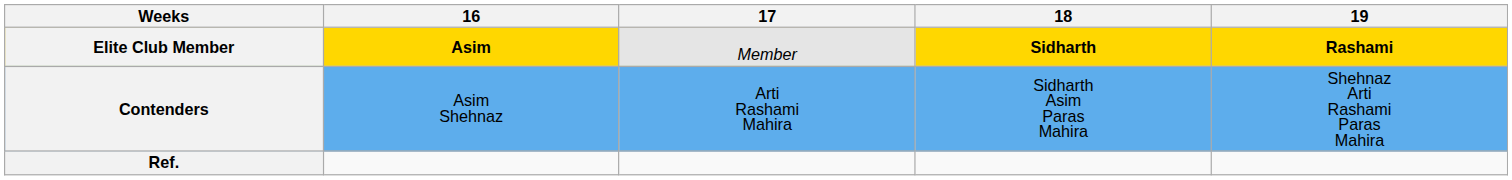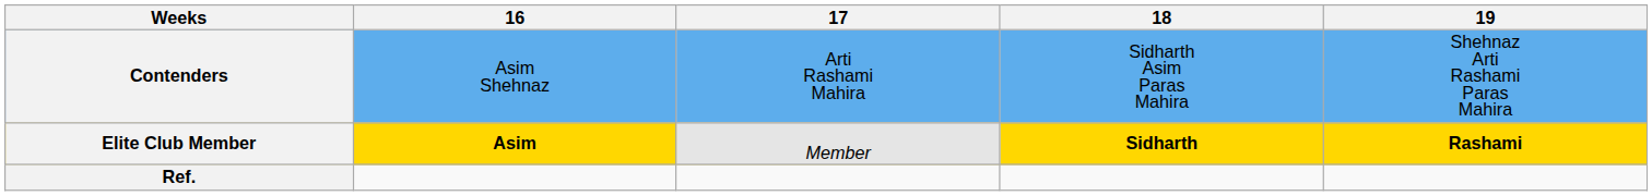 <table class="wikitable" style="text-align:center; width:100%; font-size:85%; font-family: sans-serif; line-height:13px;">
 <tr>
 <th style="width: 5%;">Weeks</th>
 <th style="width: 5%;">16</th>
 <th style="width: 5%;">17</th>
 <th style="width: 5%;">18</th>
 <th style="width: 5%;">19</th>
 </tr>
+<tr style="background:#5DADEC;" |>
+<th>Contenders</th>
+<td>Asim<br> Shehnaz</td>
+<td>Arti<br> Rashami<br> Mahira</td>
+<td>Sidharth <br>Asim <br>Paras<br> Mahira</td>
+<td>Shehnaz<br> Arti<br> Rashami<br> Paras<br> Mahira</td>
+</tr>
 <tr style="background:gold;" |>
 <th>Elite Club Member</th>
 <td><strong>Asim</strong></td>
 <td style="background:#E5E5E5;"><em><br> Member</em></td>
 <td><strong>Sidharth</strong></td>
 <td><strong>Rashami</strong></td>
-</tr>
-<tr style="background:#5DADEC;" |>
-<th>Contenders</th>
-<td>Asim<br> Shehnaz</td>
-<td>Arti<br> Rashami<br> Mahira</td>
-<td>Sidharth <br>Asim <br>Paras<br> Mahira</td>
-<td>Shehnaz<br> Arti<br> Rashami<br> Paras<br> Mahira</td>
 </tr>
 <tr>
 <th>Ref.</th>
 <td></td>
 <td></td>
 <td></td>
 <td></td>
 </tr>
 </table>
